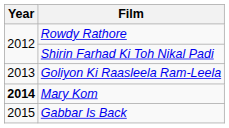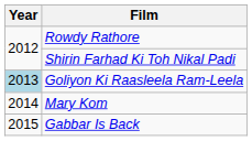 <table class="wikitable sortable">
 <tr>
 <th>Year</th>
 <th>Film</th>
 </tr>
 <tr>
 <td rowspan="2">2012</td>
 <td><em><a href='#'>Rowdy Rathore</a></em></td>
 </tr>
 <tr>
 <td><em><a href='#'>Shirin Farhad Ki Toh Nikal Padi</a></em></td>
 </tr>
 <tr>
-<td>2013</td>
+<td style="background: lightblue;">2013</td>
 <td><em><a href='#'>Goliyon Ki Raasleela Ram-Leela</a></em></td>
 </tr>
 <tr>
-<td><strong>2014</strong></td>
+<td>2014</td>
 <td><em><a href='#'>Mary Kom</a></em></td>
 </tr>
 <tr>
 <td>2015</td>
 <td><em><a href='#'>Gabbar Is Back</a></em></td>
 </tr>
 </table>
